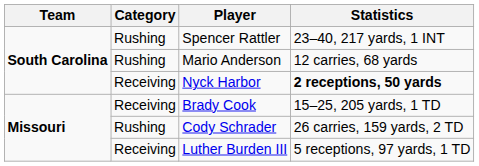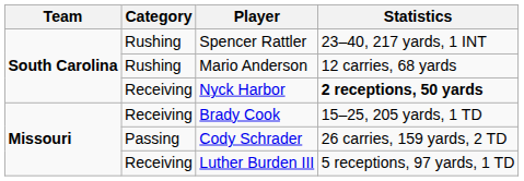 <table class="wikitable" style="float: right;">
 <tr>
 <th>Team</th>
 <th>Category</th>
 <th>Player</th>
 <th>Statistics</th>
 </tr>
 <tr>
 <td rowspan=3><strong>South Carolina</strong></td>
 <td>Rushing</td>
 <td>Spencer Rattler</td>
 <td>23–40, 217 yards, 1 INT</td>
 </tr>
 <tr>
 <td>Rushing</td>
 <td>Mario Anderson</td>
 <td>12 carries, 68 yards</td>
 </tr>
 <tr>
 <td>Receiving</td>
 <td><a href='#'>Nyck Harbor</a></td>
 <td><strong>2 receptions, 50 yards</strong></td>
 </tr>
 <tr>
 <td rowspan=3><strong>Missouri</strong></td>
 <td>Receiving</td>
 <td><a href='#'>Brady Cook</a></td>
 <td>15–25, 205 yards, 1 TD</td>
 </tr>
 <tr>
-<td>Rushing</td>
+<td>Passing</td>
 <td><a href='#'>Cody Schrader</a></td>
 <td>26 carries, 159 yards, 2 TD</td>
 </tr>
 <tr>
 <td>Receiving</td>
 <td><a href='#'>Luther Burden III</a></td>
 <td>5 receptions, 97 yards, 1 TD</td>
 </tr>
 </table>
